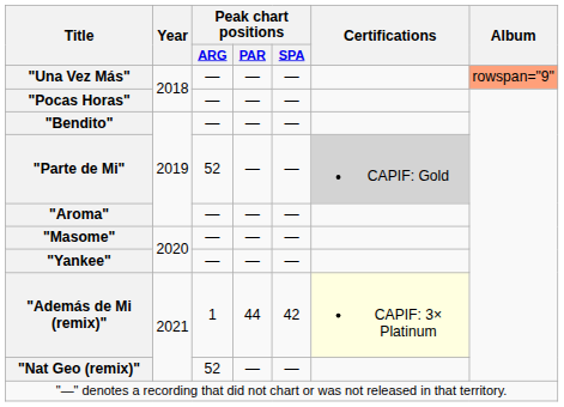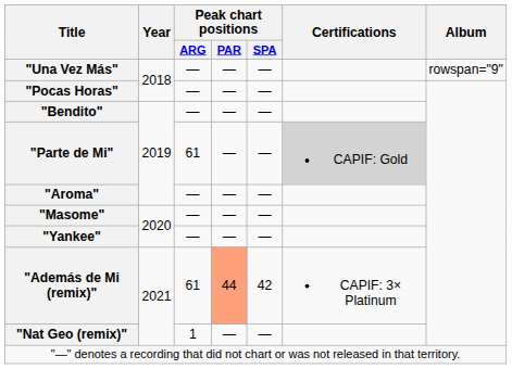 <table class="wikitable plainrowheaders" style="text-align:center;">
 <tr>
 <th scope="col" rowspan="2" style="width:14em;">Title</th>
 <th scope="col" rowspan="2">Year</th>
 <th scope="col" colspan="3">Peak chart positions</th>
 <th scope="col" rowspan="2" style="width:14em;">Certifications</th>
 <th scope="col" rowspan="2">Album</th>
 </tr>
 <tr>
 <th scope="col" style="width:3em;font-size:90%;"><a href='#'>ARG</a><br></th>
 <th scope="col" style="width:3em;font-size:90%;"><a href='#'>PAR</a><br></th>
 <th scope="col" style="width:3em;font-size:90%;"><a href='#'>SPA</a><br></th>
 </tr>
 <tr>
 <th scope="row">"Una Vez Más"<br></th>
 <td rowspan="2">2018</td>
 <td>—</td>
 <td>—</td>
 <td>—</td>
 <td></td>
-<td style="background: lightsalmon;">rowspan="9" </td>
+<td>rowspan="9" </td>
 </tr>
 <tr>
 <th scope="row">"Pocas Horas"<br></th>
 <td>—</td>
 <td>—</td>
 <td>—</td>
 <td></td>
 </tr>
 <tr>
 <th scope="row">"Bendito"<br></th>
 <td rowspan="3">2019</td>
 <td>—</td>
 <td>—</td>
 <td>—</td>
 <td></td>
 </tr>
 <tr>
 <th scope="row">"Parte de Mi"<br></th>
-<td>52</td>
+<td>61</td>
 <td>—</td>
 <td>—</td>
 <td style="background: lightgrey;"><br><ul><li>CAPIF: Gold</li></ul></td>
 </tr>
 <tr>
 <th scope="row">"Aroma"<br></th>
 <td>—</td>
 <td>—</td>
 <td>—</td>
 <td></td>
 </tr>
 <tr>
 <th scope="row">"Masome"<br></th>
 <td rowspan="2">2020</td>
 <td>—</td>
 <td>—</td>
 <td>—</td>
 <td></td>
 </tr>
 <tr>
 <th scope="row">"Yankee"<br></th>
 <td>—</td>
 <td>—</td>
 <td>—</td>
 <td></td>
 </tr>
 <tr>
 <th scope="row">"Además de Mi (remix)"<br></th>
 <td rowspan="2">2021</td>
-<td>1</td>
-<td>44</td>
+<td>61</td>
+<td style="background: lightsalmon;">44</td>
 <td>42</td>
-<td style="background: lightyellow;"><br><ul><li>CAPIF: 3× Platinum</li></ul></td>
+<td><br><ul><li>CAPIF: 3× Platinum</li></ul></td>
 </tr>
 <tr>
 <th scope="row">"Nat Geo (remix)"<br></th>
-<td>52</td>
+<td>1</td>
 <td>—</td>
 <td>—</td>
 <td></td>
 </tr>
 <tr>
 <td colspan="7" style="font-size:90%">"—" denotes a recording that did not chart or was not released in that territory.</td>
 </tr>
 </table>
